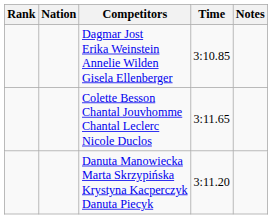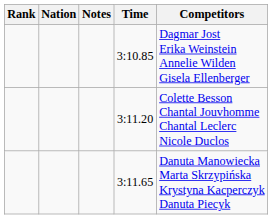 <table class="wikitable sortable" style="text-align:center; font-size:95%">
 <tr>
 <th>Rank</th>
 <th>Nation</th>
+<th>Notes</th>
+<th>Time</th>
 <th>Competitors</th>
-<th>Time</th>
-<th>Notes</th>
 </tr>
 <tr>
 <td></td>
 <td align=left></td>
+<td></td>
+<td>3:10.85</td>
 <td align=left><a href='#'>Dagmar Jost</a><br><a href='#'>Erika Weinstein</a><br><a href='#'>Annelie Wilden</a><br><a href='#'>Gisela Ellenberger</a></td>
-<td>3:10.85</td>
-<td></td>
 </tr>
 <tr>
 <td></td>
 <td align=left></td>
+<td></td>
+<td>3:11.20</td>
 <td align=left><a href='#'>Colette Besson</a><br><a href='#'>Chantal Jouvhomme</a><br><a href='#'>Chantal Leclerc</a><br><a href='#'>Nicole Duclos</a></td>
-<td>3:11.65</td>
-<td></td>
 </tr>
 <tr>
 <td></td>
 <td align=left></td>
+<td></td>
+<td>3:11.65</td>
 <td align=left><a href='#'>Danuta Manowiecka</a><br><a href='#'>Marta Skrzypińska</a><br><a href='#'>Krystyna Kacperczyk</a><br><a href='#'>Danuta Piecyk</a></td>
-<td>3:11.20</td>
-<td></td>
 </tr>
 </table>
